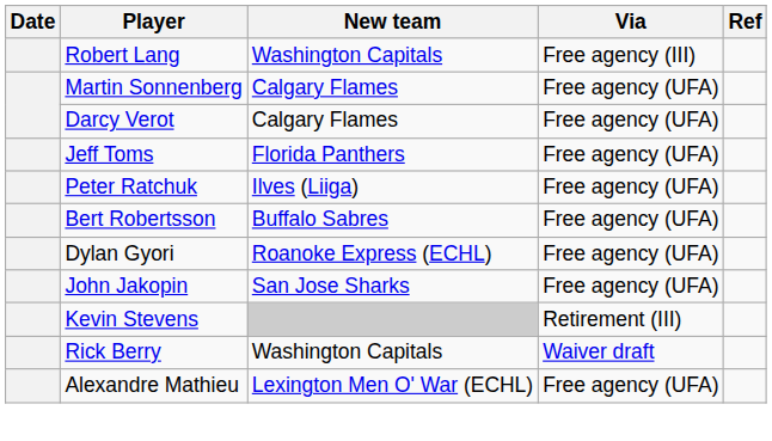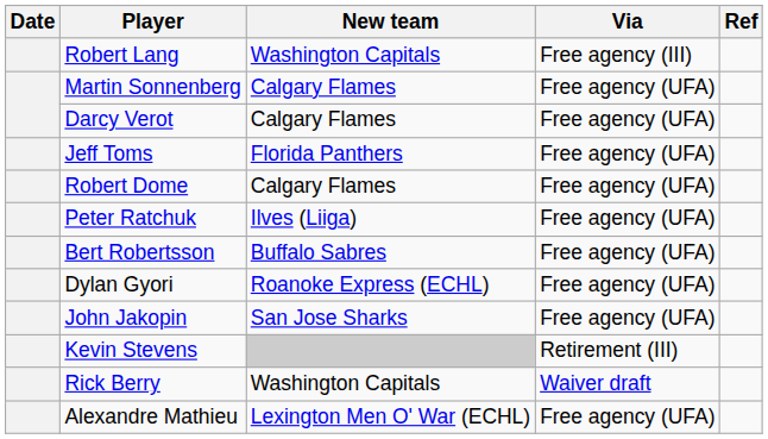 <table class="wikitable plainrowheaders">
 <tr style="background:#ddd; text-align:center;">
 <th>Date</th>
 <th>Player</th>
 <th>New team</th>
 <th>Via</th>
 <th>Ref</th>
 </tr>
 <tr>
 <th scope="row"></th>
 <td><a href='#'>Robert Lang</a></td>
 <td><a href='#'>Washington Capitals</a></td>
 <td>Free agency (III)</td>
 <td></td>
 </tr>
 <tr>
 <th scope="row" rowspan=2></th>
 <td><a href='#'>Martin Sonnenberg</a></td>
 <td><a href='#'>Calgary Flames</a></td>
 <td>Free agency (UFA)</td>
 <td></td>
 </tr>
 <tr>
 <td><a href='#'>Darcy Verot</a></td>
 <td>Calgary Flames</td>
 <td>Free agency (UFA)</td>
 <td></td>
 </tr>
 <tr>
 <th scope="row"></th>
 <td><a href='#'>Jeff Toms</a></td>
 <td><a href='#'>Florida Panthers</a></td>
+<td>Free agency (UFA)</td>
+<td></td>
+</tr>
+<tr>
+<th scope="row"></th>
+<td><a href='#'>Robert Dome</a></td>
+<td>Calgary Flames</td>
 <td>Free agency (UFA)</td>
 <td></td>
 </tr>
 <tr>
 <th scope="row"></th>
 <td><a href='#'>Peter Ratchuk</a></td>
 <td><a href='#'>Ilves</a> (<a href='#'>Liiga</a>)</td>
 <td>Free agency (UFA)</td>
 <td></td>
 </tr>
 <tr>
 <th scope="row"></th>
 <td><a href='#'>Bert Robertsson</a></td>
 <td><a href='#'>Buffalo Sabres</a></td>
 <td>Free agency (UFA)</td>
 <td></td>
 </tr>
 <tr>
 <th scope="row"></th>
 <td>Dylan Gyori</td>
 <td><a href='#'>Roanoke Express</a> (<a href='#'>ECHL</a>)</td>
 <td>Free agency (UFA)</td>
 <td></td>
 </tr>
 <tr>
 <th scope="row"></th>
 <td><a href='#'>John Jakopin</a></td>
 <td><a href='#'>San Jose Sharks</a></td>
 <td>Free agency (UFA)</td>
 <td></td>
 </tr>
 <tr>
 <th scope="row"></th>
 <td><a href='#'>Kevin Stevens</a></td>
 <td style="background:#ccc"></td>
 <td>Retirement (III)</td>
 <td></td>
 </tr>
 <tr>
 <th scope="row"></th>
 <td><a href='#'>Rick Berry</a></td>
 <td>Washington Capitals</td>
 <td><a href='#'>Waiver draft</a></td>
 <td></td>
 </tr>
 <tr>
 <th scope="row"></th>
 <td>Alexandre Mathieu</td>
 <td><a href='#'>Lexington Men O' War</a> (ECHL)</td>
 <td>Free agency (UFA)</td>
 <td></td>
 </tr>
 </table>
